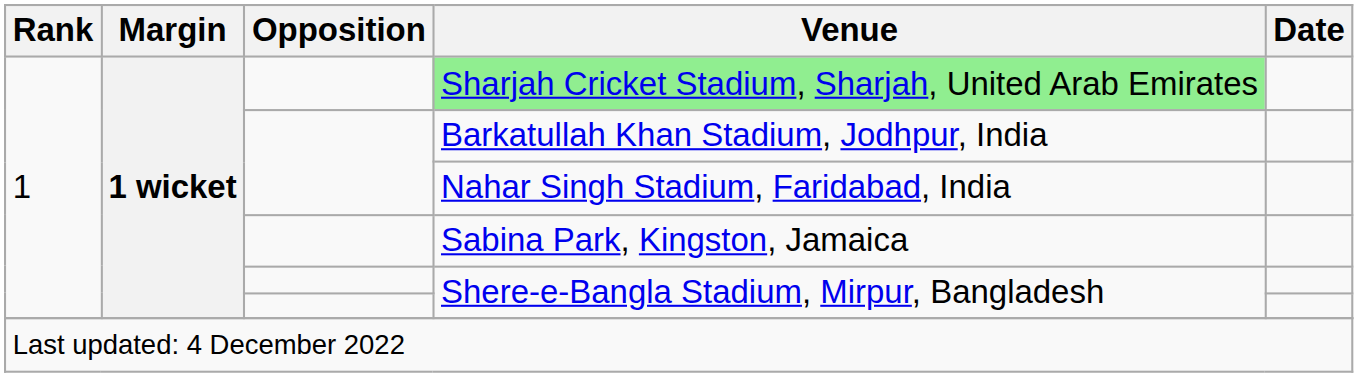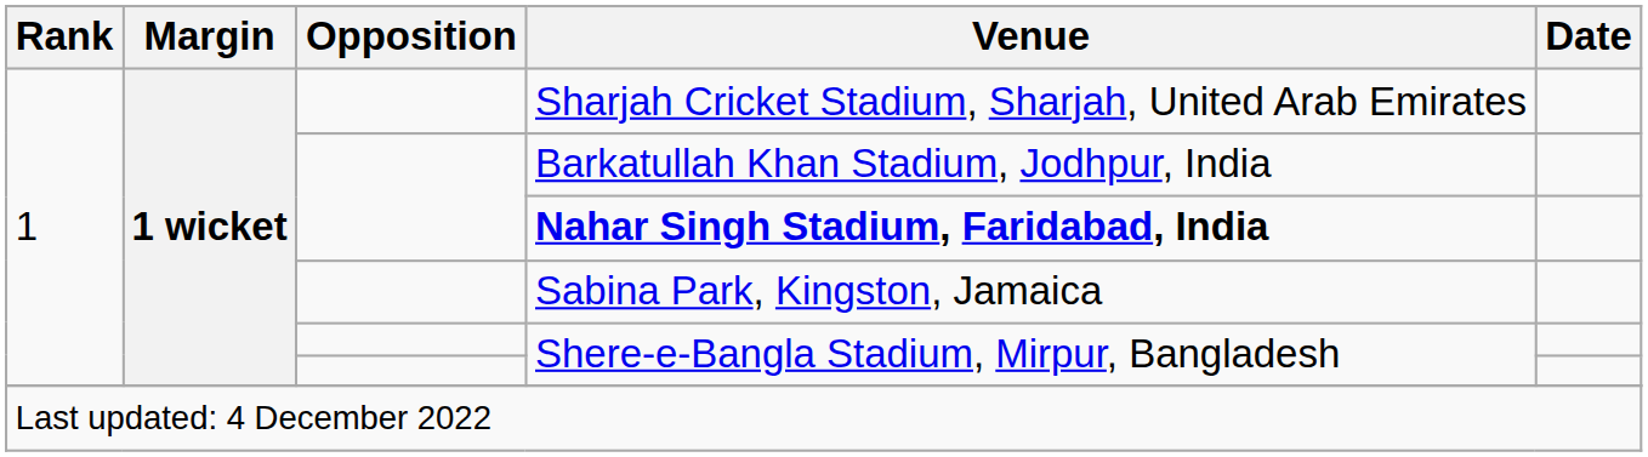 <table class="wikitable sortable">
 <tr>
 <th scope=col>Rank</th>
 <th scope=col>Margin</th>
 <th scope=col>Opposition</th>
 <th scope=col>Venue</th>
 <th scope=col>Date</th>
 </tr>
 <tr>
 <td rowspan=6>1</td>
 <th scope=row style=text-align:center rowspan=6>1 wicket</th>
 <td></td>
-<td style="background: lightgreen;"><a href='#'>Sharjah Cricket Stadium</a>, <a href='#'>Sharjah</a>, United Arab Emirates</td>
+<td><a href='#'>Sharjah Cricket Stadium</a>, <a href='#'>Sharjah</a>, United Arab Emirates</td>
 <td></td>
 </tr>
 <tr>
 <td rowspan=2></td>
 <td><a href='#'>Barkatullah Khan Stadium</a>, <a href='#'>Jodhpur</a>, India</td>
 <td></td>
 </tr>
 <tr>
-<td><a href='#'>Nahar Singh Stadium</a>, <a href='#'>Faridabad</a>, India</td>
+<td><strong><a href='#'>Nahar Singh Stadium</a>, <a href='#'>Faridabad</a>, India</strong></td>
 <td></td>
 </tr>
 <tr>
 <td></td>
 <td><a href='#'>Sabina Park</a>, <a href='#'>Kingston</a>, Jamaica</td>
 <td></td>
 </tr>
 <tr>
 <td></td>
 <td rowspan=2><a href='#'>Shere-e-Bangla Stadium</a>, <a href='#'>Mirpur</a>, Bangladesh</td>
 <td></td>
 </tr>
 <tr>
 <td></td>
 <td></td>
 </tr>
 <tr>
 </tr>
 <tr class=sortbottom>
 <td colspan=5><small>Last updated: 4 December 2022</small></td>
 </tr>
 </table>
